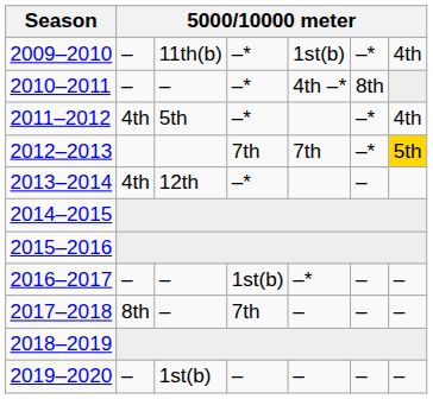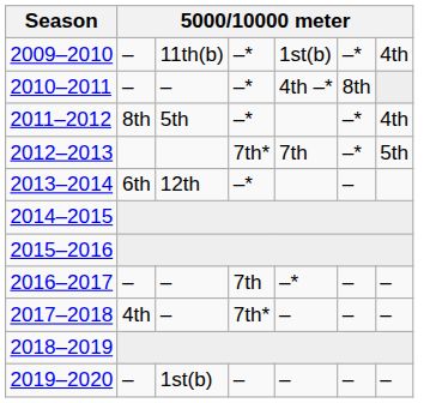 <table class="wikitable" style="display: inline-table;">
 <tr>
 <th>Season</th>
 <th colspan="6">5000/10000 meter</th>
 </tr>
 <tr>
 <td><a href='#'>2009–2010</a></td>
 <td>–</td>
 <td>11th(b)</td>
 <td>–*</td>
 <td>1st(b)</td>
 <td>–*</td>
 <td>4th</td>
 </tr>
 <tr>
 <td><a href='#'>2010–2011</a></td>
 <td>–</td>
 <td>–</td>
 <td>–*</td>
 <td>4th –*</td>
 <td>8th</td>
 <td colspan="1" bgcolor=#EEEEEE></td>
 </tr>
 <tr>
 <td><a href='#'>2011–2012</a></td>
-<td>4th</td>
+<td>8th</td>
 <td>5th</td>
 <td>–*</td>
 <td></td>
 <td>–*</td>
 <td>4th</td>
 </tr>
 <tr>
 <td><a href='#'>2012–2013</a></td>
 <td></td>
 <td></td>
-<td>7th</td>
+<td>7th*</td>
 <td>7th</td>
 <td>–*</td>
-<td style="background: gold;">5th</td>
+<td>5th</td>
 </tr>
 <tr>
 <td><a href='#'>2013–2014</a></td>
-<td>4th</td>
+<td>6th</td>
 <td>12th</td>
 <td>–*</td>
 <td></td>
 <td>–</td>
 <td></td>
 </tr>
 <tr>
 <td><a href='#'>2014–2015</a></td>
 <td colspan="6" bgcolor=#EEEEEE></td>
 </tr>
 <tr>
 <td><a href='#'>2015–2016</a></td>
 <td colspan="6" bgcolor=#EEEEEE></td>
 </tr>
 <tr>
 <td><a href='#'>2016–2017</a></td>
 <td>–</td>
 <td>–</td>
-<td>1st(b)</td>
+<td>7th</td>
 <td>–*</td>
 <td>–</td>
 <td>–</td>
 </tr>
 <tr>
 <td><a href='#'>2017–2018</a></td>
-<td>8th</td>
+<td>4th</td>
 <td>–</td>
-<td>7th</td>
+<td>7th*</td>
 <td>–</td>
 <td>–</td>
 <td>–</td>
 </tr>
 <tr>
 <td><a href='#'> 2018–2019</a></td>
 <td colspan="6" bgcolor=#EEEEEE></td>
 </tr>
 <tr>
 <td><a href='#'> 2019–2020</a></td>
 <td>–</td>
 <td>1st(b)</td>
 <td>–</td>
 <td>–</td>
 <td>–</td>
 <td>–</td>
 </tr>
 </table>
